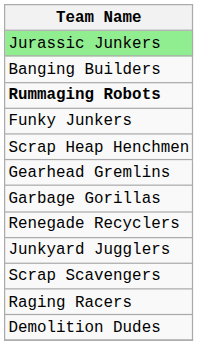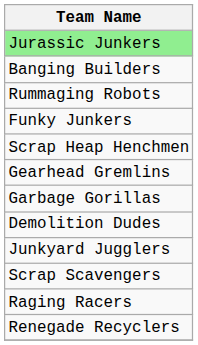 <table class="wikitable">
 <tr>
 <th>Team Name</th>
 </tr>
 <tr>
 <td style="background: lightgreen;">Jurassic Junkers</td>
 </tr>
 <tr>
 <td>Banging Builders</td>
 </tr>
 <tr>
-<td><strong>Rummaging Robots</strong></td>
+<td>Rummaging Robots</td>
 </tr>
 <tr>
 <td>Funky Junkers</td>
 </tr>
 <tr>
 <td>Scrap Heap Henchmen</td>
 </tr>
 <tr>
 <td>Gearhead Gremlins</td>
 </tr>
 <tr>
 <td>Garbage Gorillas</td>
 </tr>
 <tr>
-<td>Renegade Recyclers</td>
+<td>Demolition Dudes</td>
 </tr>
 <tr>
 <td>Junkyard Jugglers</td>
 </tr>
 <tr>
 <td>Scrap Scavengers</td>
 </tr>
 <tr>
 <td>Raging Racers</td>
 </tr>
 <tr junk machines>
-<td>Demolition Dudes</td>
+<td>Renegade Recyclers</td>
 </tr>
 <tr>
 </tr>
 </table>
